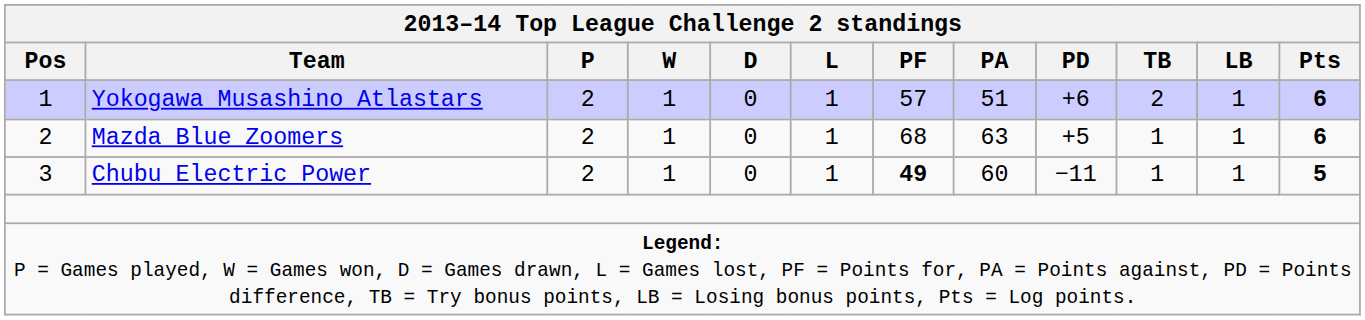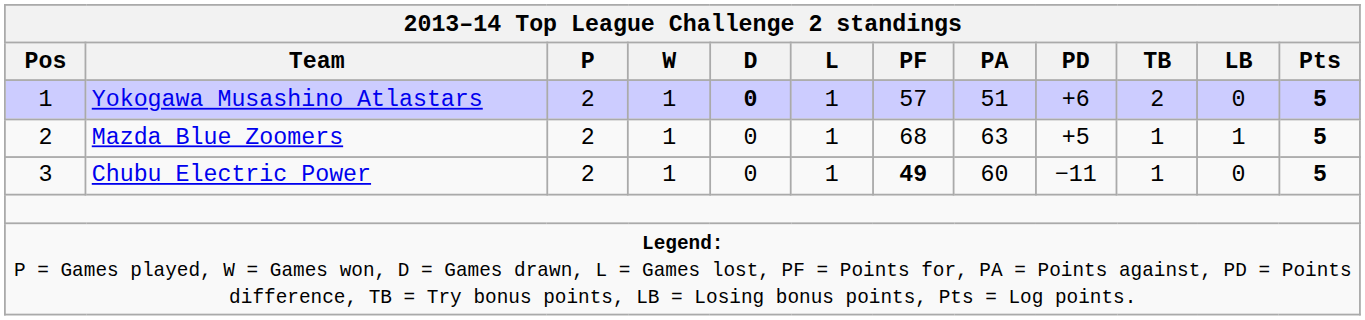 <table class="wikitable" style="text-align:center; font-size:100%; width:60%;">
 <tr>
 <th colspan="100%" cellpadding="0" cellspacing="0"><strong>2013–14 Top League Challenge 2 standings</strong></th>
 </tr>
 <tr>
 <th style="width:6%;">Pos</th>
 <th style="width:34%;">Team</th>
 <th style="width:6%;">P</th>
 <th style="width:6%;">W</th>
 <th style="width:6%;">D</th>
 <th style="width:6%;">L</th>
 <th style="width:6%;">PF</th>
 <th style="width:6%;">PA</th>
 <th style="width:6%;">PD</th>
 <th style="width:6%;">TB</th>
 <th style="width:6%;">LB</th>
 <th style="width:6%;">Pts<br></th>
 </tr>
 <tr style="background:#CCCCFF;">
 <td>1</td>
 <td style="text-align:left;"><a href='#'>Yokogawa Musashino Atlastars</a></td>
 <td>2</td>
 <td>1</td>
-<td>0</td>
+<td><strong>0</strong></td>
 <td>1</td>
 <td>57</td>
 <td>51</td>
 <td>+6</td>
 <td>2</td>
-<td>1</td>
-<td><strong>6</strong></td>
+<td>0</td>
+<td><strong>5</strong></td>
 </tr>
 <tr>
 <td>2</td>
 <td style="text-align:left;"><a href='#'>Mazda Blue Zoomers</a></td>
 <td>2</td>
 <td>1</td>
 <td>0</td>
 <td>1</td>
 <td>68</td>
 <td>63</td>
 <td>+5</td>
 <td>1</td>
 <td>1</td>
-<td><strong>6</strong></td>
+<td><strong>5</strong></td>
 </tr>
 <tr>
 <td>3</td>
 <td style="text-align:left;"><a href='#'>Chubu Electric Power</a></td>
 <td>2</td>
 <td>1</td>
 <td>0</td>
 <td>1</td>
 <td><strong>49</strong></td>
 <td>60</td>
 <td>−11</td>
 <td>1</td>
-<td>1</td>
+<td>0</td>
 <td><strong>5</strong></td>
 </tr>
 <tr>
 <td colspan="100%" style="height:10px;"></td>
 </tr>
 <tr>
 <td colspan="100%"><small><strong>Legend:</strong> <br> P = Games played, W = Games won, D = Games drawn, L = Games lost, PF = Points for, PA = Points against, PD = Points difference, TB = Try bonus points, LB = Losing bonus points, Pts = Log points.</small></td>
 </tr>
 </table>
